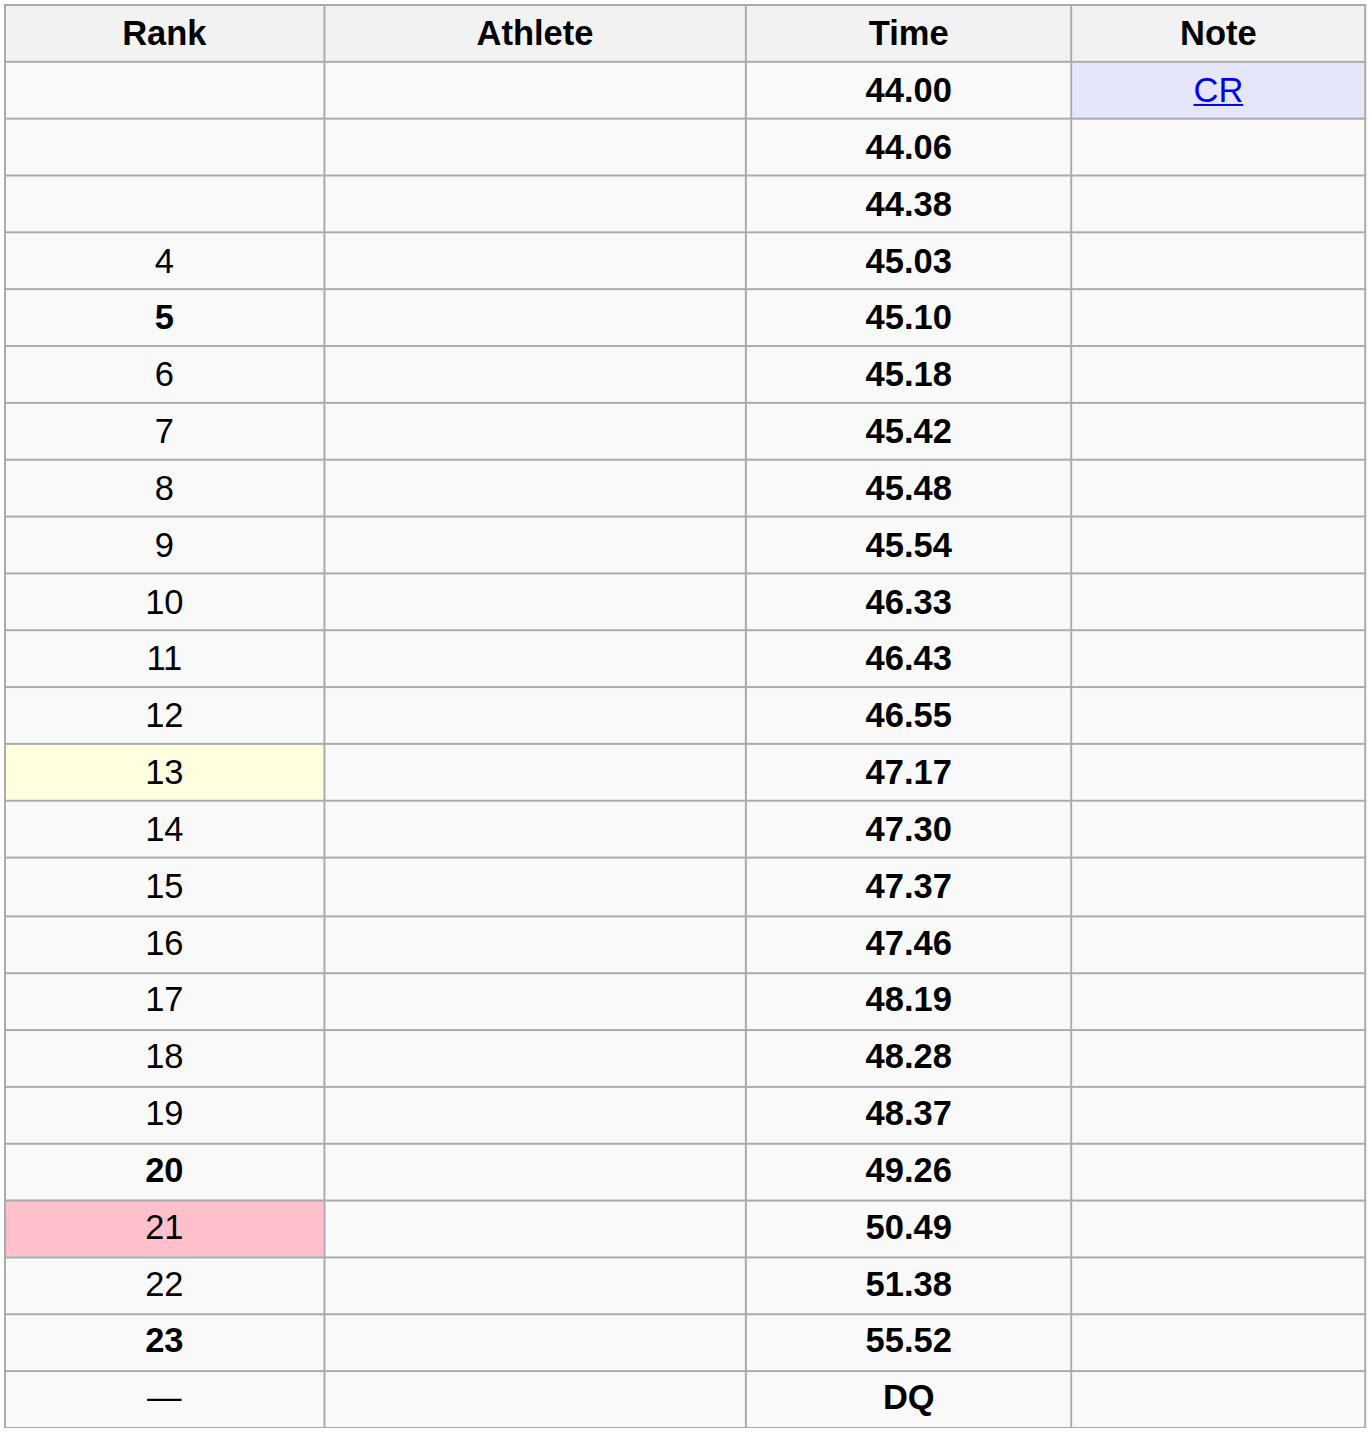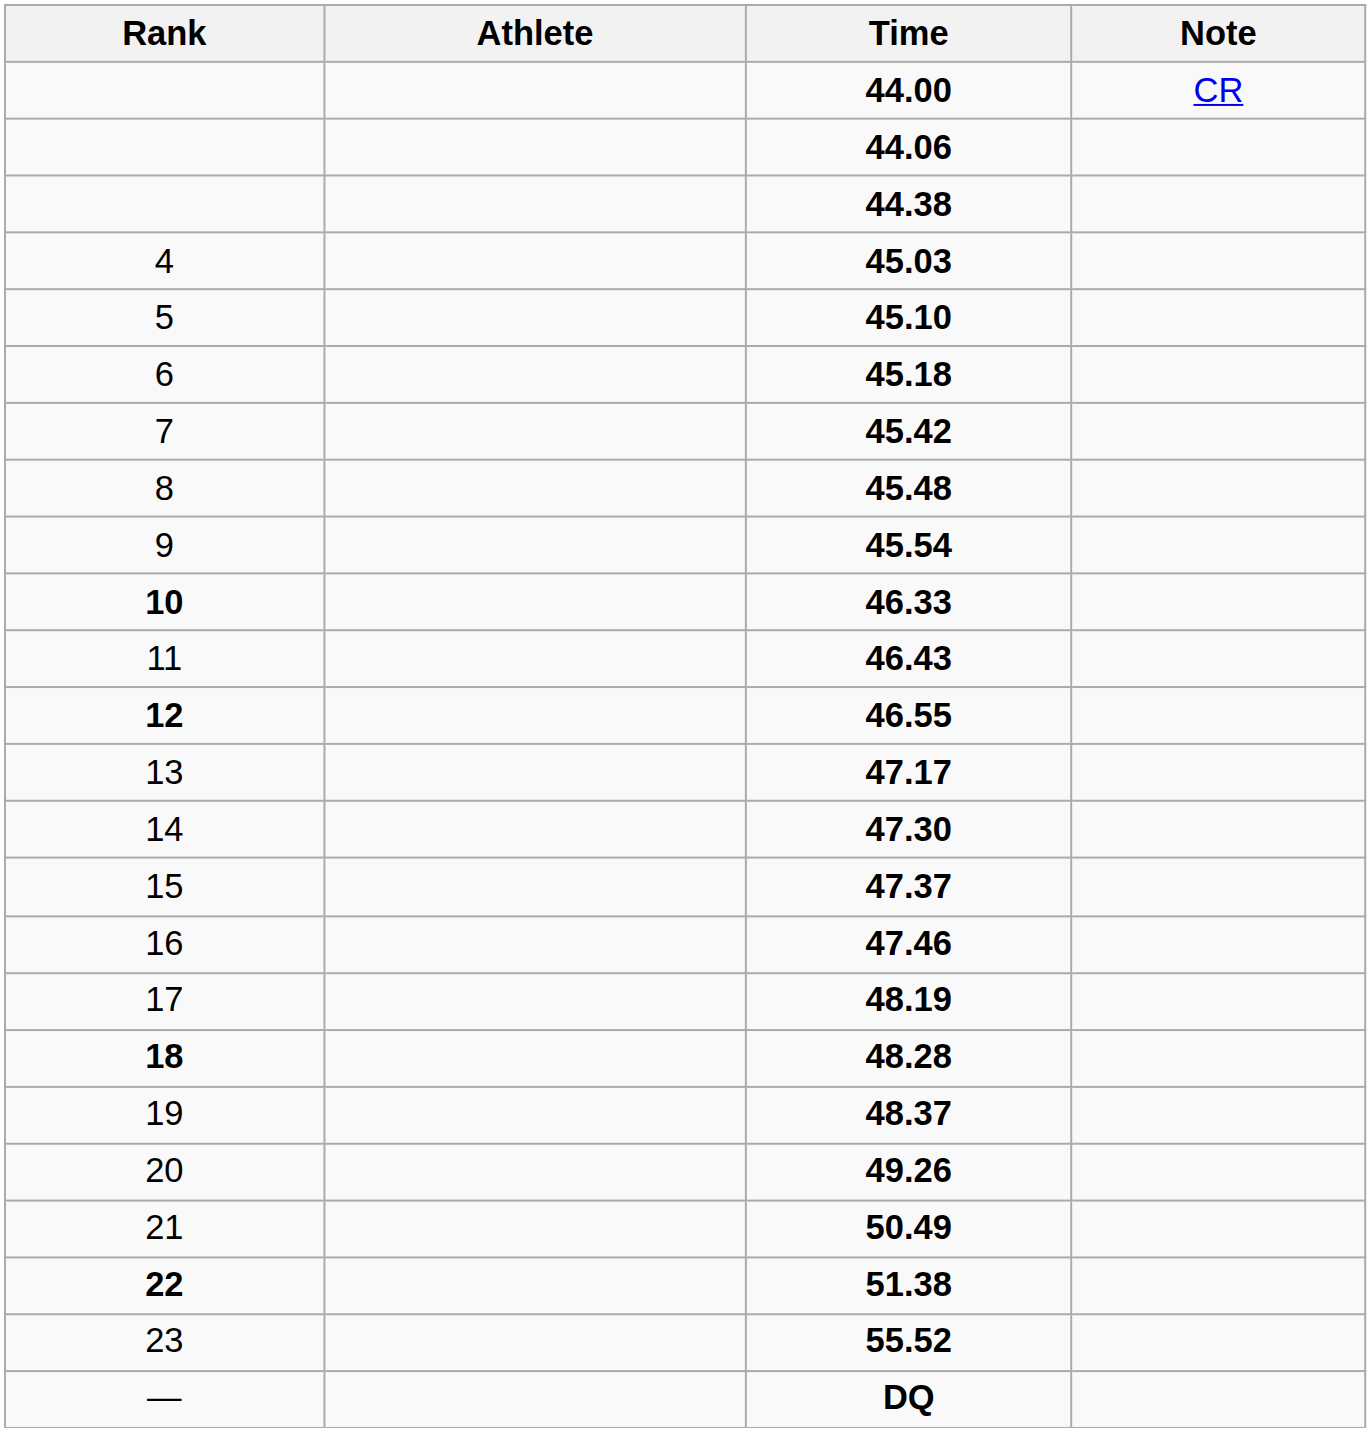 <table class="wikitable" style=" text-align:center; font-size:110%;" width="55%">
 <tr>
 <th>Rank</th>
 <th>Athlete</th>
 <th>Time</th>
 <th>Note</th>
 </tr>
 <tr>
 <td></td>
 <td align=left></td>
 <td><strong>44.00</strong></td>
-<td style="background: lavender;"><a href='#'>CR</a></td>
+<td><a href='#'>CR</a></td>
 </tr>
 <tr>
 <td></td>
 <td align=left></td>
 <td><strong>44.06</strong></td>
 <td></td>
 </tr>
 <tr>
 <td></td>
 <td align=left></td>
 <td><strong>44.38</strong></td>
 <td></td>
 </tr>
 <tr>
 <td>4</td>
 <td align=left></td>
 <td><strong>45.03</strong></td>
 <td></td>
 </tr>
 <tr>
-<td><strong>5</strong></td>
+<td>5</td>
 <td align=left></td>
 <td><strong>45.10</strong></td>
 <td></td>
 </tr>
 <tr>
 <td>6</td>
 <td align=left></td>
 <td><strong>45.18</strong></td>
 <td></td>
 </tr>
 <tr>
 <td>7</td>
 <td align=left></td>
 <td><strong>45.42</strong></td>
 <td></td>
 </tr>
 <tr>
 <td>8</td>
 <td align=left></td>
 <td><strong>45.48</strong></td>
 <td></td>
 </tr>
 <tr>
 <td>9</td>
 <td align=left></td>
 <td><strong>45.54</strong></td>
 <td></td>
 </tr>
 <tr>
-<td>10</td>
+<td><strong>10</strong></td>
 <td align=left></td>
 <td><strong>46.33</strong></td>
 <td></td>
 </tr>
 <tr>
 <td>11</td>
 <td align=left></td>
 <td><strong>46.43</strong></td>
 <td></td>
 </tr>
 <tr>
-<td>12</td>
+<td><strong>12</strong></td>
 <td align=left></td>
 <td><strong>46.55</strong></td>
 <td></td>
 </tr>
 <tr>
-<td style="background: lightyellow;">13</td>
+<td>13</td>
 <td align=left></td>
 <td><strong>47.17</strong></td>
 <td></td>
 </tr>
 <tr>
 <td>14</td>
 <td align=left></td>
 <td><strong>47.30</strong></td>
 <td></td>
 </tr>
 <tr>
 <td>15</td>
 <td align=left></td>
 <td><strong>47.37</strong></td>
 <td></td>
 </tr>
 <tr>
 <td>16</td>
 <td align=left></td>
 <td><strong>47.46</strong></td>
 <td></td>
 </tr>
 <tr>
 <td>17</td>
 <td align=left></td>
 <td><strong>48.19</strong></td>
 <td></td>
 </tr>
 <tr>
-<td>18</td>
+<td><strong>18</strong></td>
 <td align=left></td>
 <td><strong>48.28</strong></td>
 <td></td>
 </tr>
 <tr>
 <td>19</td>
 <td align=left></td>
 <td><strong>48.37</strong></td>
 <td></td>
 </tr>
 <tr>
-<td><strong>20</strong></td>
+<td>20</td>
 <td align=left></td>
 <td><strong>49.26</strong></td>
 <td></td>
 </tr>
 <tr>
-<td style="background: pink;">21</td>
+<td>21</td>
 <td align=left></td>
 <td><strong>50.49</strong></td>
 <td></td>
 </tr>
 <tr>
-<td>22</td>
+<td><strong>22</strong></td>
 <td align=left></td>
 <td><strong>51.38</strong></td>
 <td></td>
 </tr>
 <tr>
-<td><strong>23</strong></td>
+<td>23</td>
 <td align=left></td>
 <td><strong>55.52</strong></td>
 <td></td>
 </tr>
 <tr>
 <td align="center">—</td>
 <td align=left></td>
 <td align="center"><strong>DQ</strong></td>
 </tr>
 </table>
